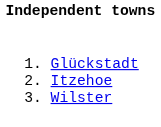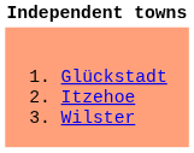 <table>
 <tr ---->
 <th>Independent towns</th>
 </tr>
 <tr>
-<td valign=top><br><ol><li><a href='#'>Glückstadt</a></li><li><a href='#'>Itzehoe</a></li><li><a href='#'>Wilster</a></li></ol></td>
+<td valign=top style="background: lightsalmon;"><br><ol><li><a href='#'>Glückstadt</a></li><li><a href='#'>Itzehoe</a></li><li><a href='#'>Wilster</a></li></ol></td>
 </tr>
 </table>
